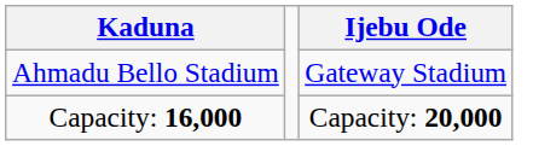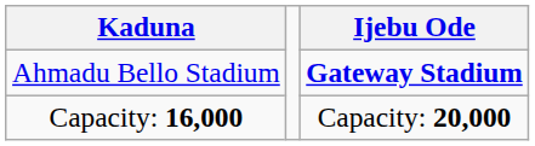 <table class="wikitable" style="text-align:center">
 <tr>
 <th><a href='#'>Kaduna</a></th>
 <td rowspan="4"></td>
 <th><a href='#'>Ijebu Ode</a></th>
 </tr>
 <tr>
 <td><a href='#'>Ahmadu Bello Stadium</a></td>
-<td><a href='#'>Gateway Stadium</a></td>
+<td><strong><a href='#'>Gateway Stadium</a></strong></td>
 </tr>
 <tr>
 <td>Capacity: <strong>16,000</strong></td>
 <td>Capacity: <strong>20,000</strong></td>
 </tr>
 </table>
